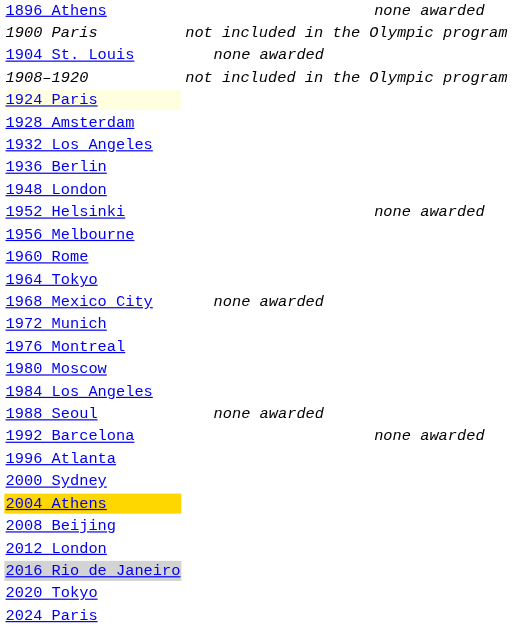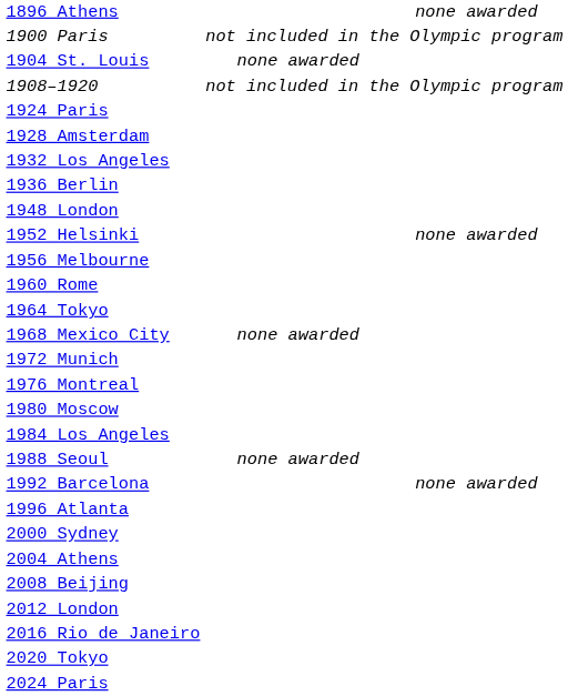 <table>
 <tr>
 <td><a href='#'>1896 Athens</a><br></td>
 <td></td>
 <td></td>
 <td align="center"><em>none awarded</em></td>
 </tr>
 <tr>
 <td><em>1900 Paris</em></td>
 <td colspan=3 align=center><em>not included in the Olympic program</em></td>
 </tr>
 <tr valign="top">
 <td rowspan="2"><a href='#'>1904 St. Louis</a><br></td>
 <td></td>
 <td rowspan="2"  align="center"><em>none awarded</em></td>
 <td rowspan="2"></td>
 </tr>
 <tr>
 <td></td>
 </tr>
 <tr>
 <td><em>1908–1920</em></td>
 <td colspan=3 align=center><em>not included in the Olympic program</em></td>
 </tr>
 <tr>
-<td style="background: lightyellow;"><a href='#'>1924 Paris</a><br></td>
+<td><a href='#'>1924 Paris</a><br></td>
 <td></td>
 <td></td>
 <td></td>
 </tr>
 <tr>
 <td><a href='#'>1928 Amsterdam</a><br></td>
 <td></td>
 <td></td>
 <td></td>
 </tr>
 <tr>
 <td><a href='#'>1932 Los Angeles</a><br></td>
 <td></td>
 <td></td>
 <td></td>
 </tr>
 <tr>
 <td><a href='#'>1936 Berlin</a><br></td>
 <td></td>
 <td></td>
 <td></td>
 </tr>
 <tr>
 <td><a href='#'>1948 London</a><br></td>
 <td></td>
 <td></td>
 <td></td>
 </tr>
 <tr valign="top">
 <td rowspan="2"><a href='#'>1952 Helsinki</a><br></td>
 <td rowspan="2"></td>
 <td></td>
 <td rowspan="2"  align="center"><em>none awarded</em></td>
 </tr>
 <tr>
 <td></td>
 </tr>
 <tr>
 <td><a href='#'>1956 Melbourne</a><br></td>
 <td></td>
 <td></td>
 <td></td>
 </tr>
 <tr>
 <td><a href='#'>1960 Rome</a><br></td>
 <td></td>
 <td></td>
 <td></td>
 </tr>
 <tr>
 <td><a href='#'>1964 Tokyo</a><br></td>
 <td></td>
 <td></td>
 <td></td>
 </tr>
 <tr valign="top">
 <td rowspan="2"><a href='#'>1968 Mexico City</a><br></td>
 <td></td>
 <td rowspan="2"  align="center"><em>none awarded</em></td>
 <td rowspan="2"></td>
 </tr>
 <tr>
 <td></td>
 </tr>
 <tr>
 <td><a href='#'>1972 Munich</a><br></td>
 <td></td>
 <td></td>
 <td></td>
 </tr>
 <tr>
 <td><a href='#'>1976 Montreal</a><br></td>
 <td></td>
 <td></td>
 <td></td>
 </tr>
 <tr>
 <td><a href='#'>1980 Moscow</a><br></td>
 <td></td>
 <td></td>
 <td></td>
 </tr>
 <tr>
 <td><a href='#'>1984 Los Angeles</a><br></td>
 <td></td>
 <td></td>
 <td></td>
 </tr>
 <tr valign="top">
 <td rowspan="2"><a href='#'>1988 Seoul</a><br></td>
 <td></td>
 <td rowspan="2"  align="center"><em>none awarded</em></td>
 <td></td>
 </tr>
 <tr>
 <td></td>
 <td></td>
 </tr>
 <tr valign="top">
 <td rowspan="2"><a href='#'>1992 Barcelona</a><br></td>
 <td rowspan="2"></td>
 <td></td>
 <td rowspan="2"  align="center"><em>none awarded</em></td>
 </tr>
 <tr>
 <td></td>
 </tr>
 <tr valign="top">
 <td rowspan="3"><a href='#'>1996 Atlanta</a><br></td>
 <td rowspan="3"></td>
 <td rowspan="3"></td>
 <td></td>
 </tr>
 <tr>
 <td></td>
 </tr>
 <tr>
 <td></td>
 </tr>
 <tr>
 <td><a href='#'>2000 Sydney</a><br></td>
 <td></td>
 <td></td>
 <td></td>
 </tr>
 <tr>
-<td style="background: gold;"><a href='#'>2004 Athens</a><br></td>
+<td><a href='#'>2004 Athens</a><br></td>
 <td></td>
 <td></td>
 <td></td>
 </tr>
 <tr>
 <td><a href='#'>2008 Beijing</a><br></td>
 <td></td>
 <td></td>
 <td></td>
 </tr>
 <tr>
 <td><a href='#'>2012 London</a><br></td>
 <td></td>
 <td></td>
 <td></td>
 </tr>
 <tr>
-<td style="background: lightgrey;"><a href='#'>2016 Rio de Janeiro</a><br></td>
+<td><a href='#'>2016 Rio de Janeiro</a><br></td>
 <td></td>
 <td></td>
 <td></td>
 </tr>
 <tr>
 <td><a href='#'>2020 Tokyo</a><br></td>
 <td></td>
 <td></td>
 <td></td>
 </tr>
 <tr valign="top">
 <td rowspan="2"><a href='#'>2024 Paris</a> <br></td>
 <td rowspan="2"></td>
 <td rowspan="2"></td>
 <td></td>
 </tr>
 <tr>
 <td></td>
 </tr>
 <tr>
 </tr>
 </table>
